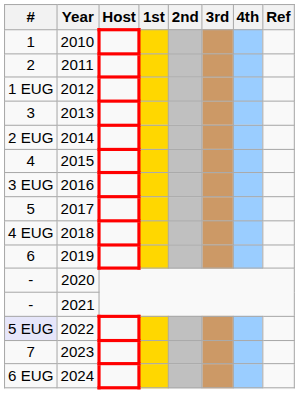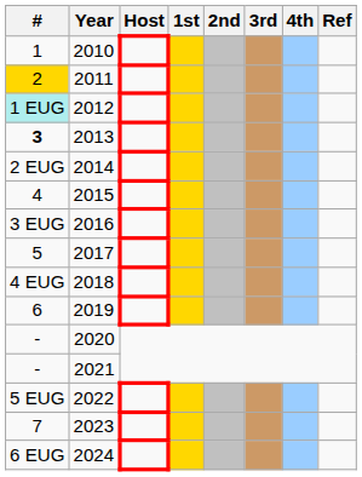 <table class="wikitable sortable" style="text-align:left; font-size:90%">
 <tr>
 <th>#</th>
 <th>Year</th>
 <th>Host</th>
 <th>1st</th>
 <th>2nd</th>
 <th>3rd</th>
 <th>4th</th>
 <th>Ref</th>
 </tr>
 <tr>
 <td align="center">1</td>
 <td align="center">2010</td>
 <td style="border:3px solid red"></td>
 <td bgcolor=gold></td>
 <td bgcolor=silver></td>
 <td bgcolor=cc9966></td>
 <td bgcolor=9acdff></td>
 <td align="center"></td>
 </tr>
 <tr>
-<td align="center">2</td>
+<td align="center" style="background: gold;">2</td>
 <td align="center">2011</td>
 <td style="border:3px solid red"></td>
 <td bgcolor=gold></td>
 <td bgcolor=silver></td>
 <td bgcolor=cc9966></td>
 <td bgcolor=9acdff></td>
 <td align="center"></td>
 </tr>
 <tr>
-<td align="center">1 EUG</td>
+<td align="center" style="background: paleturquoise;">1 EUG</td>
 <td align="center">2012</td>
 <td style="border:3px solid red"></td>
 <td bgcolor=gold></td>
 <td bgcolor=silver></td>
 <td bgcolor=cc9966></td>
 <td bgcolor=9acdff></td>
 <td align="center"></td>
 </tr>
 <tr>
-<td align="center">3</td>
+<td align="center"><strong>3</strong></td>
 <td align="center">2013</td>
 <td style="border:3px solid red"></td>
 <td bgcolor=gold></td>
 <td bgcolor=silver></td>
 <td bgcolor=cc9966></td>
 <td bgcolor=9acdff></td>
 <td align="center"></td>
 </tr>
 <tr>
 <td align="center">2 EUG</td>
 <td align="center">2014</td>
 <td style="border:3px solid red"></td>
 <td bgcolor=gold></td>
 <td bgcolor=silver></td>
 <td bgcolor=cc9966></td>
 <td bgcolor=9acdff></td>
 <td align="center"></td>
 </tr>
 <tr>
 <td align="center">4</td>
 <td align="center">2015</td>
 <td style="border:3px solid red"></td>
 <td bgcolor=gold></td>
 <td bgcolor=silver></td>
 <td bgcolor=cc9966></td>
 <td bgcolor=9acdff></td>
 <td align="center"></td>
 </tr>
 <tr>
 <td align="center">3 EUG</td>
 <td align="center">2016</td>
 <td style="border:3px solid red"></td>
 <td bgcolor=gold></td>
 <td bgcolor=silver></td>
 <td bgcolor=cc9966></td>
 <td bgcolor=9acdff></td>
 <td align="center"></td>
 </tr>
 <tr>
 <td align="center">5</td>
 <td align="center">2017</td>
 <td style="border:3px solid red"></td>
 <td bgcolor=gold></td>
 <td bgcolor=silver></td>
 <td bgcolor=cc9966></td>
 <td bgcolor=9acdff></td>
 <td align="center"></td>
 </tr>
 <tr>
 <td align="center">4 EUG</td>
 <td align="center">2018</td>
 <td style="border:3px solid red"></td>
 <td bgcolor=gold></td>
 <td bgcolor=silver></td>
 <td bgcolor=cc9966></td>
 <td bgcolor=9acdff></td>
 <td align="center"></td>
 </tr>
 <tr>
 <td align="center">6</td>
 <td align="center">2019</td>
 <td style="border:3px solid red"></td>
 <td bgcolor=gold></td>
 <td bgcolor=silver></td>
 <td bgcolor=cc9966></td>
 <td bgcolor=9acdff></td>
 <td align="center"></td>
 </tr>
 <tr>
 <td align="center">-</td>
 <td align="center">2020</td>
 </tr>
 <tr>
 <td align="center">-</td>
 <td align="center">2021</td>
 </tr>
 <tr>
-<td align="center" style="background: lavender;">5 EUG</td>
+<td align="center">5 EUG</td>
 <td align="center">2022</td>
 <td style="border:3px solid red"></td>
 <td bgcolor=gold></td>
 <td bgcolor=silver></td>
 <td bgcolor=cc9966></td>
 <td bgcolor=9acdff></td>
 <td align="center"></td>
 </tr>
 <tr>
 <td align="center">7</td>
 <td align="center">2023</td>
 <td style="border:3px solid red"></td>
 <td bgcolor=gold></td>
 <td bgcolor=silver></td>
 <td bgcolor=cc9966></td>
 <td bgcolor=9acdff></td>
 <td align="center"></td>
 </tr>
 <tr>
 <td align="center">6 EUG</td>
 <td align="center">2024</td>
 <td style="border:3px solid red"></td>
 <td bgcolor=gold></td>
 <td bgcolor=silver></td>
 <td bgcolor=cc9966></td>
 <td bgcolor=9acdff></td>
 <td align="center"></td>
 </tr>
 </table>
